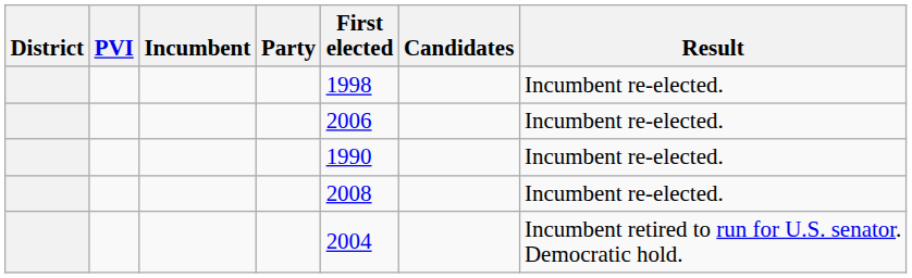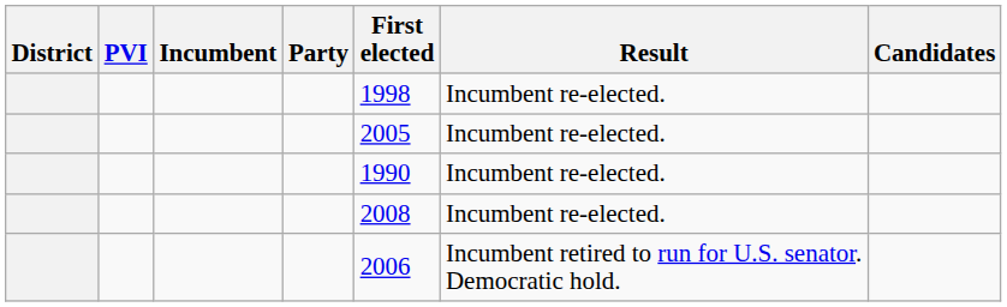 <table class="wikitable sortable">
 <tr valign=bottom>
 <th>District</th>
 <th><a href='#'>PVI</a></th>
 <th>Incumbent</th>
 <th>Party</th>
 <th>First<br>elected</th>
+<th>Result</th>
 <th>Candidates</th>
-<th>Result</th>
 </tr>
 <tr>
 <th></th>
 <td></td>
 <td></td>
 <td></td>
 <td><a href='#'>1998</a></td>
+<td>Incumbent re-elected.</td>
 <td nowrap></td>
+</tr>
+<tr>
+<th></th>
+<td></td>
+<td></td>
+<td></td>
+<td><a href='#'>2005</a></td>
 <td>Incumbent re-elected.</td>
+<td nowrap></td>
+</tr>
+<tr>
+<th></th>
+<td></td>
+<td></td>
+<td></td>
+<td><a href='#'>1990</a></td>
+<td>Incumbent re-elected.</td>
+<td nowrap></td>
+</tr>
+<tr>
+<th></th>
+<td></td>
+<td></td>
+<td></td>
+<td><a href='#'>2008</a></td>
+<td>Incumbent re-elected.</td>
+<td nowrap></td>
 </tr>
 <tr>
 <th></th>
 <td></td>
 <td></td>
 <td></td>
 <td><a href='#'>2006</a></td>
+<td>Incumbent retired to <a href='#'>run for U.S. senator</a>.<br>Democratic hold.</td>
 <td nowrap></td>
-<td>Incumbent re-elected.</td>
-</tr>
-<tr>
-<th></th>
-<td></td>
-<td></td>
-<td></td>
-<td><a href='#'>1990</a></td>
-<td nowrap></td>
-<td>Incumbent re-elected.</td>
-</tr>
-<tr>
-<th></th>
-<td></td>
-<td></td>
-<td></td>
-<td><a href='#'>2008</a></td>
-<td nowrap></td>
-<td>Incumbent re-elected.</td>
-</tr>
-<tr>
-<th></th>
-<td></td>
-<td></td>
-<td></td>
-<td><a href='#'>2004</a></td>
-<td nowrap></td>
-<td>Incumbent retired to <a href='#'>run for U.S. senator</a>.<br>Democratic hold.</td>
 </tr>
 </table>
